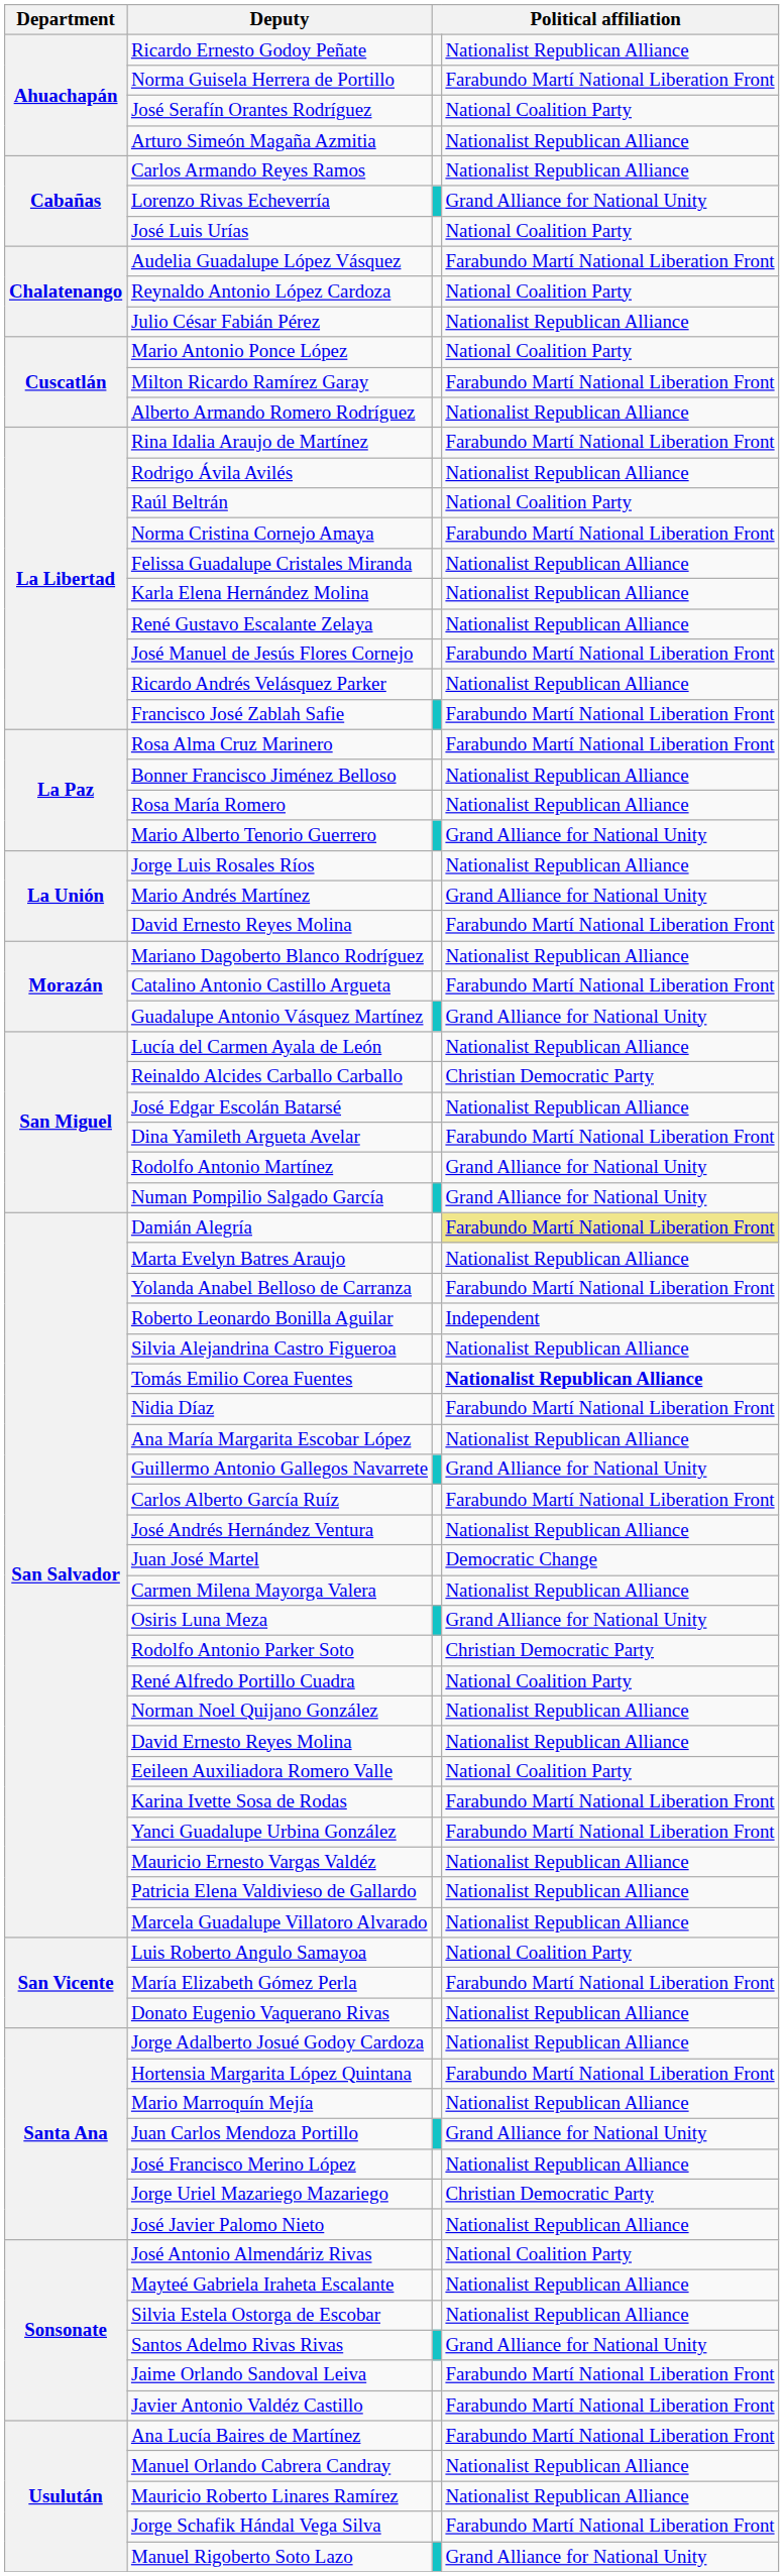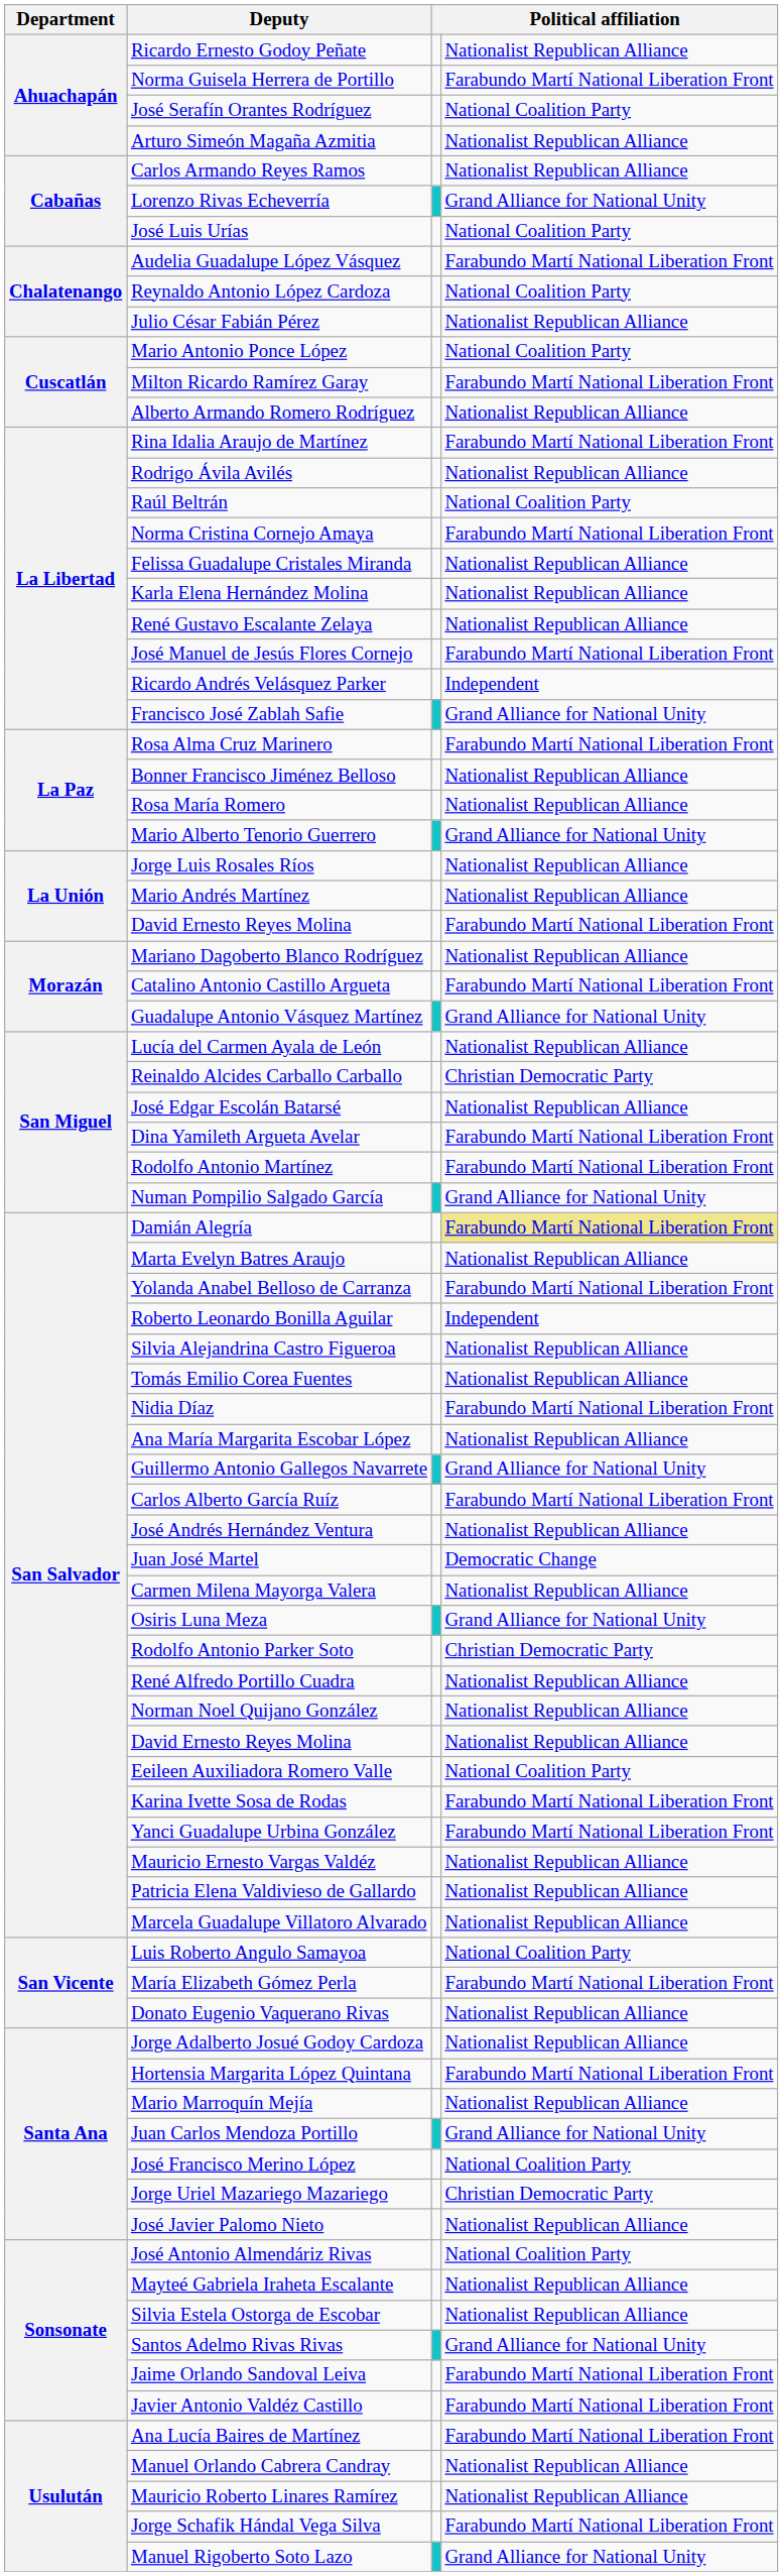 <table class="wikitable sortable">
 <tr>
 <th>Department</th>
 <th>Deputy</th>
 <th colspan="2">Political affiliation</th>
 </tr>
 <tr>
 <th rowspan="4"><a href='#'>Ahuachapán</a></th>
 <td data-sort-value="Godoy Peñate, Ricardo Ernesto"><a href='#'>Ricardo Ernesto Godoy Peñate</a></td>
 <td></td>
 <td><a href='#'>Nationalist Republican Alliance</a></td>
 </tr>
 <tr>
 <td data-sort-value="Herrera de Portillo, Guisela"><a href='#'>Norma Guisela Herrera de Portillo</a></td>
 <td></td>
 <td><a href='#'>Farabundo Martí National Liberation Front</a></td>
 </tr>
 <tr>
 <td data-sort-value="Orantes Rodríguez, José Serafín"><a href='#'>José Serafín Orantes Rodríguez</a></td>
 <td></td>
 <td><a href='#'>National Coalition Party</a></td>
 </tr>
 <tr>
 <td data-sort-value="Magaña, Arturo Simeón"><a href='#'>Arturo Simeón Magaña Azmitia</a></td>
 <td></td>
 <td><a href='#'>Nationalist Republican Alliance</a></td>
 </tr>
 <tr>
 <th rowspan="3"><a href='#'>Cabañas</a></th>
 <td data-sort-value="Reyes Ramos, Carlos Armando"><a href='#'>Carlos Armando Reyes Ramos</a></td>
 <td></td>
 <td><a href='#'>Nationalist Republican Alliance</a></td>
 </tr>
 <tr>
 <td data-sort-value="Rivas, Lorenzo"><a href='#'>Lorenzo Rivas Echeverría</a></td>
 <td bgcolor="#13C3C6"></td>
 <td><a href='#'>Grand Alliance for National Unity</a></td>
 </tr>
 <tr>
 <td data-sort-value="Urías, José Luis"><a href='#'>José Luis Urías</a></td>
 <td></td>
 <td><a href='#'>National Coalition Party</a></td>
 </tr>
 <tr>
 <th rowspan="3"><a href='#'>Chalatenango</a></th>
 <td data-sort-value="López, Audelia"><a href='#'>Audelia Guadalupe López Vásquez</a></td>
 <td></td>
 <td><a href='#'>Farabundo Martí National Liberation Front</a></td>
 </tr>
 <tr>
 <td data-sort-value="López Cardoza, Reynaldo Antonio"><a href='#'>Reynaldo Antonio López Cardoza</a></td>
 <td></td>
 <td><a href='#'>National Coalition Party</a></td>
 </tr>
 <tr>
 <td data-sort-value="Fabián, Julio"><a href='#'>Julio César Fabián Pérez</a></td>
 <td></td>
 <td><a href='#'>Nationalist Republican Alliance</a></td>
 </tr>
 <tr>
 <th rowspan="3"><a href='#'>Cuscatlán</a></th>
 <td data-sort-value="Ponce López, Mario Antonio"><a href='#'>Mario Antonio Ponce López</a></td>
 <td></td>
 <td><a href='#'>National Coalition Party</a></td>
 </tr>
 <tr>
 <td data-sort-value="Ramírez Garay, Milton"><a href='#'>Milton Ricardo Ramírez Garay</a></td>
 <td></td>
 <td><a href='#'>Farabundo Martí National Liberation Front</a></td>
 </tr>
 <tr>
 <td data-sort-value="Romero Rodríguez, Alberto Armando"><a href='#'>Alberto Armando Romero Rodríguez</a></td>
 <td></td>
 <td><a href='#'>Nationalist Republican Alliance</a></td>
 </tr>
 <tr>
 <th rowspan="10"><a href='#'>La Libertad</a></th>
 <td data-sort-value="Araujo, Rina"><a href='#'>Rina Idalia Araujo de Martínez</a></td>
 <td></td>
 <td><a href='#'>Farabundo Martí National Liberation Front</a></td>
 </tr>
 <tr>
 <td data-sort-value="Ávila Avilés, Rodrigo"><a href='#'>Rodrigo Ávila Avilés</a></td>
 <td></td>
 <td><a href='#'>Nationalist Republican Alliance</a></td>
 </tr>
 <tr>
 <td data-sort-value="Beltrán, Raúl"><a href='#'>Raúl Beltrán</a></td>
 <td></td>
 <td><a href='#'>National Coalition Party</a></td>
 </tr>
 <tr>
 <td data-sort-value="Cornejo Amaya, Norma Cristiana"><a href='#'>Norma Cristina Cornejo Amaya</a></td>
 <td></td>
 <td><a href='#'>Farabundo Martí National Liberation Front</a></td>
 </tr>
 <tr>
 <td data-sort-value="Cristales, Felissa"><a href='#'>Felissa Guadalupe Cristales Miranda</a></td>
 <td></td>
 <td><a href='#'>Nationalist Republican Alliance</a></td>
 </tr>
 <tr>
 <td data-sort-value="Hernández Molina, Karla Elena"><a href='#'>Karla Elena Hernández Molina</a></td>
 <td></td>
 <td><a href='#'>Nationalist Republican Alliance</a></td>
 </tr>
 <tr>
 <td data-sort-value="Escalante, René Gustavo"><a href='#'>René Gustavo Escalante Zelaya</a></td>
 <td></td>
 <td><a href='#'>Nationalist Republican Alliance</a></td>
 </tr>
 <tr>
 <td data-sort-value="Flores Cornejo, José Manuel de Jesús"><a href='#'>José Manuel de Jesús Flores Cornejo</a></td>
 <td></td>
 <td><a href='#'>Farabundo Martí National Liberation Front</a></td>
 </tr>
 <tr>
 <td data-sort-value="Velásquez Parker, Ricardo Andrés"><a href='#'>Ricardo Andrés Velásquez Parker</a></td>
 <td></td>
-<td><a href='#'>Nationalist Republican Alliance</a></td>
+<td><a href='#'>Independent</a></td>
 </tr>
 <tr>
 <td data-sort-value="Zablah, Francisco"><a href='#'>Francisco José Zablah Safie</a></td>
 <td bgcolor="#13C3C6"></td>
-<td><a href='#'>Farabundo Martí National Liberation Front</a></td>
+<td><a href='#'>Grand Alliance for National Unity</a></td>
 </tr>
 <tr>
 <th rowspan="4"><a href='#'>La Paz</a></th>
 <td data-sort-value="Cruz, Rosa"><a href='#'>Rosa Alma Cruz Marinero</a></td>
 <td></td>
 <td><a href='#'>Farabundo Martí National Liberation Front</a></td>
 </tr>
 <tr>
 <td data-sort-value="Jiménez, Bonner"><a href='#'>Bonner Francisco Jiménez Belloso</a></td>
 <td></td>
 <td><a href='#'>Nationalist Republican Alliance</a></td>
 </tr>
 <tr>
 <td data-sort-value="Romero, Rosa María"><a href='#'>Rosa María Romero</a></td>
 <td></td>
 <td><a href='#'>Nationalist Republican Alliance</a></td>
 </tr>
 <tr>
 <td data-sort-value="Tenorio, Mario"><a href='#'>Mario Alberto Tenorio Guerrero</a></td>
 <td bgcolor="#13C3C6"></td>
 <td><a href='#'>Grand Alliance for National Unity</a></td>
 </tr>
 <tr>
 <th rowspan="3"><a href='#'>La Unión</a></th>
 <td data-sort-value="Rosales Ríos, Jorge Luis"><a href='#'>Jorge Luis Rosales Ríos</a></td>
 <td></td>
 <td><a href='#'>Nationalist Republican Alliance</a></td>
 </tr>
 <tr>
 <td data-sort-value="Martínez, Mario Andrés"><a href='#'>Mario Andrés Martínez</a></td>
 <td></td>
-<td><a href='#'>Grand Alliance for National Unity</a></td>
+<td><a href='#'>Nationalist Republican Alliance</a></td>
 </tr>
 <tr>
 <td data-sort-value="Reyes, Daniel"><a href='#'>David Ernesto Reyes Molina</a></td>
 <td></td>
 <td><a href='#'>Farabundo Martí National Liberation Front</a></td>
 </tr>
 <tr>
 <th rowspan="3"><a href='#'>Morazán</a></th>
 <td data-sort-value="Blanco, Mariano"><a href='#'>Mariano Dagoberto Blanco Rodríguez</a></td>
 <td></td>
 <td><a href='#'>Nationalist Republican Alliance</a></td>
 </tr>
 <tr>
 <td data-sort-value="Castillo, Catalino"><a href='#'>Catalino Antonio Castillo Argueta</a></td>
 <td></td>
 <td><a href='#'>Farabundo Martí National Liberation Front</a></td>
 </tr>
 <tr>
 <td data-sort-value="Vázquez, Guadalupe"><a href='#'>Guadalupe Antonio Vásquez Martínez</a></td>
 <td bgcolor="#13C3C6"></td>
 <td><a href='#'>Grand Alliance for National Unity</a></td>
 </tr>
 <tr>
 <th rowspan="6"><a href='#'>San Miguel</a></th>
 <td data-sort-value="Ayala, Lucía"><a href='#'>Lucía del Carmen Ayala de León</a></td>
 <td></td>
 <td><a href='#'>Nationalist Republican Alliance</a></td>
 </tr>
 <tr>
 <td data-sort-value="Carballo Carballo, Reinaldo Alcides"><a href='#'>Reinaldo Alcides Carballo Carballo</a></td>
 <td></td>
 <td><a href='#'>Christian Democratic Party</a></td>
 </tr>
 <tr>
 <td data-sort-value="Escolán Batarsé, Edgar"><a href='#'>José Edgar Escolán Batarsé</a></td>
 <td></td>
 <td><a href='#'>Nationalist Republican Alliance</a></td>
 </tr>
 <tr>
 <td data-sort-value="Argueta Avelar, Dina"><a href='#'>Dina Yamileth Argueta Avelar</a></td>
 <td></td>
 <td><a href='#'>Farabundo Martí National Liberation Front</a></td>
 </tr>
 <tr>
 <td data-sort-value="Martínez, Rodolfo Antonio"><a href='#'>Rodolfo Antonio Martínez</a></td>
 <td></td>
-<td><a href='#'>Grand Alliance for National Unity</a></td>
+<td><a href='#'>Farabundo Martí National Liberation Front</a></td>
 </tr>
 <tr>
 <td data-sort-value="Salgado García, Numan Pompilio"><a href='#'>Numan Pompilio Salgado García</a></td>
 <td bgcolor="#13C3C6"></td>
 <td><a href='#'>Grand Alliance for National Unity</a></td>
 </tr>
 <tr>
 <th rowspan="24"><a href='#'>San Salvador</a></th>
 <td data-sort-value="Alegría, Damián"><a href='#'>Damián Alegría</a></td>
 <td></td>
 <td style="background: khaki;"><a href='#'>Farabundo Martí National Liberation Front</a></td>
 </tr>
 <tr>
 <td data-sort-value="Batres Araujo, Marta"><a href='#'>Marta Evelyn Batres Araujo</a></td>
 <td></td>
 <td><a href='#'>Nationalist Republican Alliance</a></td>
 </tr>
 <tr>
 <td data-sort-value="Belloso de Carranza, Yolanda Anabel"><a href='#'>Yolanda Anabel Belloso de Carranza</a></td>
 <td></td>
 <td><a href='#'>Farabundo Martí National Liberation Front</a></td>
 </tr>
 <tr>
 <td data-sort-value="Bonilla Aguilar, Roberto"><a href='#'>Roberto Leonardo Bonilla Aguilar</a></td>
 <td></td>
 <td><a href='#'>Independent</a></td>
 </tr>
 <tr>
 <td data-sort-value="Castro Figueroa, Silvia"><a href='#'>Silvia Alejandrina Castro Figueroa</a></td>
 <td></td>
 <td><a href='#'>Nationalist Republican Alliance</a></td>
 </tr>
 <tr>
 <td data-sort-value="Corea Fuentes, Tomás"><a href='#'>Tomás Emilio Corea Fuentes</a></td>
 <td></td>
-<td><strong><a href='#'>Nationalist Republican Alliance</a></strong></td>
+<td><a href='#'>Nationalist Republican Alliance</a></td>
 </tr>
 <tr>
 <td data-sort-value="Diaz, Nida"><a href='#'>Nidia Díaz</a></td>
 <td></td>
 <td><a href='#'>Farabundo Martí National Liberation Front</a></td>
 </tr>
 <tr>
 <td data-sort-value="Escobar López, Ana María Margarita"><a href='#'>Ana María Margarita Escobar López</a></td>
 <td></td>
 <td><a href='#'>Nationalist Republican Alliance</a></td>
 </tr>
 <tr>
 <td data-sort-value="Gallegos Navarrete, Guillermo Antonio"><a href='#'>Guillermo Antonio Gallegos Navarrete</a></td>
 <td bgcolor="#13C3C6"></td>
 <td><a href='#'>Grand Alliance for National Unity</a></td>
 </tr>
 <tr>
 <td data-sort-value="García Ruíz, Carlos Alberto"><a href='#'>Carlos Alberto García Ruíz</a></td>
 <td></td>
 <td><a href='#'>Farabundo Martí National Liberation Front</a></td>
 </tr>
 <tr>
 <td data-sort-value="Hernández Ventura, José"><a href='#'>José Andrés Hernández Ventura</a></td>
 <td></td>
 <td><a href='#'>Nationalist Republican Alliance</a></td>
 </tr>
 <tr>
 <td data-sort-value="Martel, Juan José"><a href='#'>Juan José Martel</a></td>
 <td></td>
 <td><a href='#'>Democratic Change</a></td>
 </tr>
 <tr>
 <td data-sort-value="Mayorga, Milena"><a href='#'>Carmen Milena Mayorga Valera</a></td>
 <td></td>
 <td><a href='#'>Nationalist Republican Alliance</a></td>
 </tr>
 <tr>
 <td data-sort-value="Luna Meza, Orisis"><a href='#'>Osiris Luna Meza</a></td>
 <td bgcolor="#13C3C6"></td>
 <td><a href='#'>Grand Alliance for National Unity</a></td>
 </tr>
 <tr>
 <td data-sort-value="Parker, Rodolfo"><a href='#'>Rodolfo Antonio Parker Soto</a></td>
 <td></td>
 <td><a href='#'>Christian Democratic Party</a></td>
 </tr>
 <tr>
 <td data-sort-value="Portillo Cuadra, René Alfredo"><a href='#'>René Alfredo Portillo Cuadra</a></td>
 <td></td>
-<td><a href='#'>National Coalition Party</a></td>
+<td><a href='#'>Nationalist Republican Alliance</a></td>
 </tr>
 <tr>
 <td data-sort-value="Quijano, Norman"><a href='#'>Norman Noel Quijano González</a></td>
 <td></td>
 <td><a href='#'>Nationalist Republican Alliance</a></td>
 </tr>
 <tr>
 <td data-sort-value="Reyes Molina, David"><a href='#'>David Ernesto Reyes Molina</a></td>
 <td></td>
 <td><a href='#'>Nationalist Republican Alliance</a></td>
 </tr>
 <tr>
 <td data-sort-value="Romero Valle, Eeileen"><a href='#'>Eeileen Auxiliadora Romero Valle</a></td>
 <td></td>
 <td><a href='#'>National Coalition Party</a></td>
 </tr>
 <tr>
 <td data-sort-value="Sosa, Karina"><a href='#'>Karina Ivette Sosa de Rodas</a></td>
 <td></td>
 <td><a href='#'>Farabundo Martí National Liberation Front</a></td>
 </tr>
 <tr>
 <td data-sort-value="Urbina González, Yanci"><a href='#'>Yanci Guadalupe Urbina González</a></td>
 <td></td>
 <td><a href='#'>Farabundo Martí National Liberation Front</a></td>
 </tr>
 <tr>
 <td data-sort-value="Vargas Valdéz, Mauricio"><a href='#'>Mauricio Ernesto Vargas Valdéz</a></td>
 <td></td>
 <td><a href='#'>Nationalist Republican Alliance</a></td>
 </tr>
 <tr>
 <td data-sort-value="Valdivieso de Gallardo, Patricia"><a href='#'>Patricia Elena Valdivieso de Gallardo</a></td>
 <td></td>
 <td><a href='#'>Nationalist Republican Alliance</a></td>
 </tr>
 <tr>
 <td data-sort-value="Villatoro Alvarado, Marcela"><a href='#'>Marcela Guadalupe Villatoro Alvarado</a></td>
 <td></td>
 <td><a href='#'>Nationalist Republican Alliance</a></td>
 </tr>
 <tr>
 <th rowspan="3"><a href='#'>San Vicente</a></th>
 <td data-sort-value="Angulo Samayoa, Luis"><a href='#'>Luis Roberto Angulo Samayoa</a></td>
 <td></td>
 <td><a href='#'>National Coalition Party</a></td>
 </tr>
 <tr>
 <td data-sort-value="Gómez, María"><a href='#'>María Elizabeth Gómez Perla</a></td>
 <td></td>
 <td><a href='#'>Farabundo Martí National Liberation Front</a></td>
 </tr>
 <tr>
 <td data-sort-value="Vaquerano Rivas, Donato Eugenio"><a href='#'>Donato Eugenio Vaquerano Rivas</a></td>
 <td></td>
 <td><a href='#'>Nationalist Republican Alliance</a></td>
 </tr>
 <tr>
 <th rowspan="7"><a href='#'>Santa Ana</a></th>
 <td data-sort-value="Godoy Cardoza, Jorge"><a href='#'>Jorge Adalberto Josué Godoy Cardoza</a></td>
 <td></td>
 <td><a href='#'>Nationalist Republican Alliance</a></td>
 </tr>
 <tr>
 <td data-sort-value="López Quintana, Hortensia"><a href='#'>Hortensia Margarita López Quintana</a></td>
 <td></td>
 <td><a href='#'>Farabundo Martí National Liberation Front</a></td>
 </tr>
 <tr>
 <td data-sort-value="Marroquín Mejía, Mario"><a href='#'>Mario Marroquín Mejía</a></td>
 <td></td>
 <td><a href='#'>Nationalist Republican Alliance</a></td>
 </tr>
 <tr>
 <td data-sort-value="Mendoza Portillo, Juan Carlos"><a href='#'>Juan Carlos Mendoza Portillo</a></td>
 <td bgcolor="#13C3C6"></td>
 <td><a href='#'>Grand Alliance for National Unity</a></td>
 </tr>
 <tr>
 <td data-sort-value="Merino López, José"><a href='#'>José Francisco Merino López</a></td>
 <td></td>
-<td><a href='#'>Nationalist Republican Alliance</a></td>
+<td><a href='#'>National Coalition Party</a></td>
 </tr>
 <tr>
 <td data-sort-value="Mazariego Mazariego, Jorge"><a href='#'>Jorge Uriel Mazariego Mazariego</a></td>
 <td></td>
 <td><a href='#'>Christian Democratic Party</a></td>
 </tr>
 <tr>
 <td data-sort-value="Palomo Nieto, José Javier"><a href='#'>José Javier Palomo Nieto</a></td>
 <td></td>
 <td><a href='#'>Nationalist Republican Alliance</a></td>
 </tr>
 <tr>
 <th rowspan="6"><a href='#'>Sonsonate</a></th>
 <td data-sort-value="Almendáriz Rivas, José"><a href='#'>José Antonio Almendáriz Rivas</a></td>
 <td></td>
 <td><a href='#'>National Coalition Party</a></td>
 </tr>
 <tr>
 <td data-sort-value="Iraheta Escalante, Mayteé"><a href='#'>Mayteé Gabriela Iraheta Escalante</a></td>
 <td></td>
 <td><a href='#'>Nationalist Republican Alliance</a></td>
 </tr>
 <tr>
 <td data-sort-value="Ostorga de Escobar, Silvia Estela"><a href='#'>Silvia Estela Ostorga de Escobar</a></td>
 <td></td>
 <td><a href='#'>Nationalist Republican Alliance</a></td>
 </tr>
 <tr>
 <td data-sort-value="Rivas Rivas, Santos Adelmo"><a href='#'>Santos Adelmo Rivas Rivas</a></td>
 <td bgcolor="#13C3C6"></td>
 <td><a href='#'>Grand Alliance for National Unity</a></td>
 </tr>
 <tr>
 <td data-sort-value="Sandoval Leiva, Jaime"><a href='#'>Jaime Orlando Sandoval Leiva</a></td>
 <td></td>
 <td><a href='#'>Farabundo Martí National Liberation Front</a></td>
 </tr>
 <tr>
 <td data-sort-value="Valdéz Castillo, Javier"><a href='#'>Javier Antonio Valdéz Castillo</a></td>
 <td></td>
 <td><a href='#'>Farabundo Martí National Liberation Front</a></td>
 </tr>
 <tr>
 <th rowspan="5"><a href='#'>Usulután</a></th>
 <td data-sort-value="Baires de Martinez, Ana"><a href='#'>Ana Lucía Baires de Martínez</a></td>
 <td></td>
 <td><a href='#'>Farabundo Martí National Liberation Front</a></td>
 </tr>
 <tr>
 <td data-sort-value="Cabrera Candray, Manuel"><a href='#'>Manuel Orlando Cabrera Candray</a></td>
 <td></td>
 <td><a href='#'>Nationalist Republican Alliance</a></td>
 </tr>
 <tr>
 <td data-sort-value="Linares Ramírez, Mauricio"><a href='#'>Mauricio Roberto Linares Ramírez</a></td>
 <td></td>
 <td><a href='#'>Nationalist Republican Alliance</a></td>
 </tr>
 <tr>
 <td data-sort-value="Schafik Hándal Vega Silva, Jorge"><a href='#'>Jorge Schafik Hándal Vega Silva</a></td>
 <td></td>
 <td><a href='#'>Farabundo Martí National Liberation Front</a></td>
 </tr>
 <tr>
 <td data-sort-value="Soto Lazo, Manuel"><a href='#'>Manuel Rigoberto Soto Lazo</a></td>
 <td bgcolor="#13C3C6"></td>
 <td><a href='#'>Grand Alliance for National Unity</a></td>
 </tr>
 </table>
